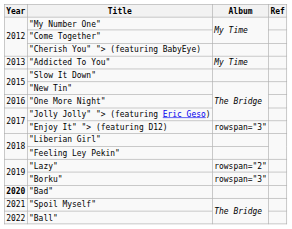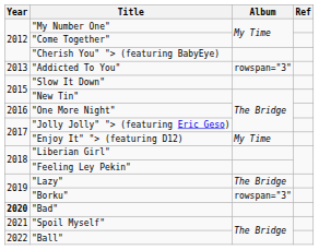 <table class="wikitable sortable">
 <tr>
 <th>Year</th>
 <th>Title</th>
 <th>Album</th>
 <th>Ref</th>
 </tr>
 <tr>
 <td rowspan="3">2012</td>
 <td>"My Number One"</td>
 <td rowspan="2"><em>My Time</em></td>
 <td></td>
 </tr>
 <tr>
 <td>"Come Together"</td>
 <td></td>
 </tr>
 <tr>
 <td>"Cherish You" <span>"> (featuring BabyEye)</span></td>
 <td></td>
 <td></td>
 </tr>
 <tr>
 <td>2013</td>
 <td>"Addicted To You"</td>
-<td><em>My Time</em></td>
+<td>rowspan="3" </td>
 <td></td>
 </tr>
 <tr>
 <td rowspan="2">2015</td>
 <td>"Slow It Down"</td>
 <td></td>
 <td></td>
 </tr>
 <tr>
 <td>"New Tin"</td>
 <td rowspan="3"><em>The Bridge</em></td>
 <td></td>
 </tr>
 <tr>
 <td>2016</td>
 <td>"One More Night"</td>
 <td></td>
 </tr>
 <tr>
 <td rowspan="2">2017</td>
 <td>"Jolly Jolly" <span>"> (featuring <a href='#'>Eric Geso</a>)</span></td>
 <td></td>
 </tr>
 <tr>
 <td>"Enjoy It" <span>"> (featuring D12)</span></td>
-<td>rowspan="3" </td>
+<td><em>My Time</em></td>
 <td></td>
 </tr>
 <tr>
 <td rowspan="2">2018</td>
 <td>"Liberian Girl"</td>
 <td></td>
 </tr>
 <tr>
 <td>"Feeling Ley Pekin"</td>
 <td></td>
 </tr>
 <tr>
 <td rowspan="2">2019</td>
 <td>"Lazy"</td>
-<td>rowspan="2" </td>
+<td><em>The Bridge</em></td>
 <td></td>
 </tr>
 <tr>
 <td>"Borku"</td>
 <td>rowspan="3" </td>
 <td></td>
 </tr>
 <tr>
 <td><strong>2020</strong></td>
 <td>"Bad"</td>
 <td></td>
 </tr>
 <tr>
 <td>2021</td>
 <td>"Spoil Myself"</td>
 <td rowspan="2"><em>The Bridge</em></td>
 <td></td>
 </tr>
 <tr>
 <td>2022</td>
 <td>"Ball"</td>
 <td></td>
 </tr>
 </table>
